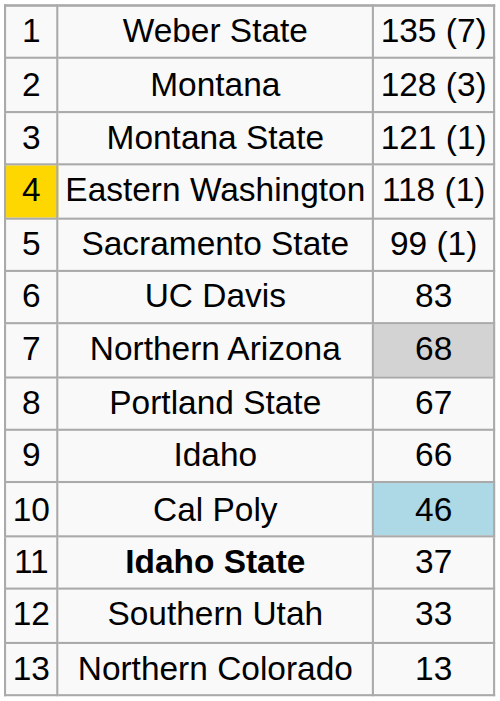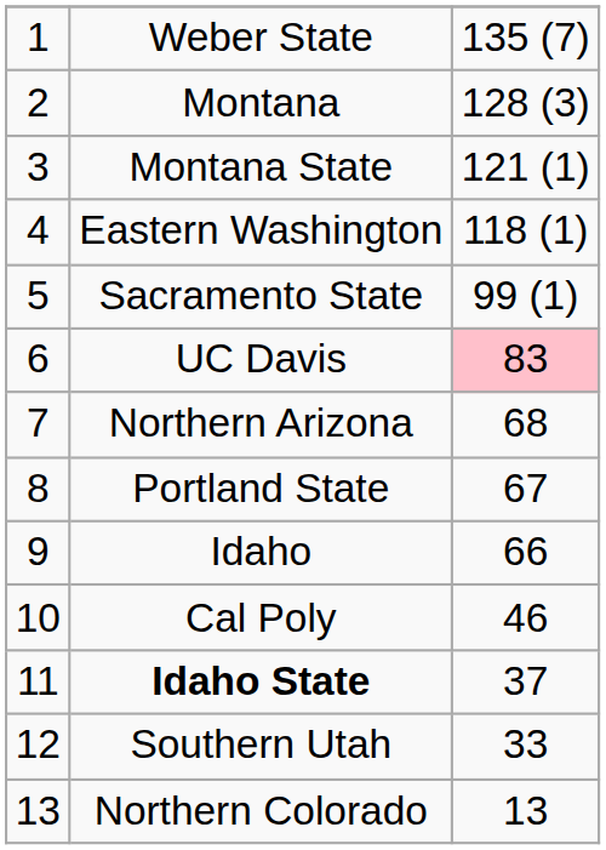 <table class="wikitable" style="display: inline-table;">
 <tr align="center">
 </tr>
 <tr align="center">
 <td>1</td>
 <td>Weber State</td>
 <td>135 (7)</td>
 </tr>
 <tr align="center">
 <td>2</td>
 <td>Montana</td>
 <td>128 (3)</td>
 </tr>
 <tr align="center">
 <td>3</td>
 <td>Montana State</td>
 <td>121 (1)</td>
 </tr>
 <tr align="center">
-<td style="background: gold;">4</td>
+<td>4</td>
 <td>Eastern Washington</td>
 <td>118 (1)</td>
 </tr>
 <tr align="center">
 <td>5</td>
 <td>Sacramento State</td>
 <td>99 (1)</td>
 </tr>
 <tr align="center">
 <td>6</td>
 <td>UC Davis</td>
-<td>83</td>
+<td style="background: pink;">83</td>
 </tr>
 <tr align="center">
 <td>7</td>
 <td>Northern Arizona</td>
-<td style="background: lightgrey;">68</td>
+<td>68</td>
 </tr>
 <tr align="center">
 <td>8</td>
 <td>Portland State</td>
 <td>67</td>
 </tr>
 <tr align="center">
 <td>9</td>
 <td>Idaho</td>
 <td>66</td>
 </tr>
 <tr align="center">
 <td>10</td>
 <td>Cal Poly</td>
-<td style="background: lightblue;">46</td>
+<td>46</td>
 </tr>
 <tr align="center">
 <td>11</td>
 <td><strong>Idaho State</strong></td>
 <td>37</td>
 </tr>
 <tr align="center">
 <td>12</td>
 <td>Southern Utah</td>
 <td>33</td>
 </tr>
 <tr align="center">
 <td>13</td>
 <td>Northern Colorado</td>
 <td>13</td>
 </tr>
 </table>
